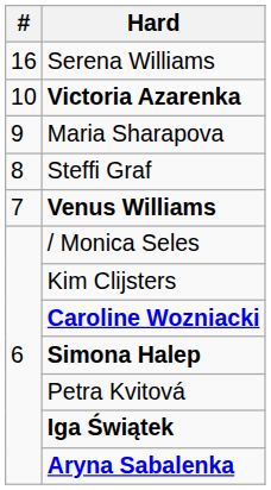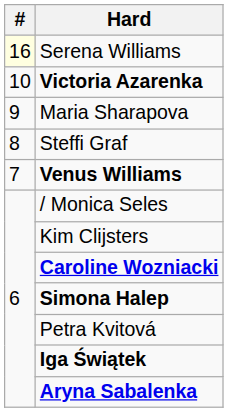 <table class="wikitable">
 <tr>
 <th>#</th>
 <th>Hard</th>
 </tr>
 <tr>
-<td>16</td>
+<td style="background: lightyellow;">16</td>
 <td> Serena Williams</td>
 </tr>
 <tr>
 <td>10</td>
 <td> <strong> Victoria Azarenka </strong></td>
 </tr>
 <tr>
 <td>9</td>
 <td> Maria Sharapova</td>
 </tr>
 <tr>
 <td>8</td>
 <td> Steffi Graf</td>
 </tr>
 <tr>
 <td>7</td>
 <td> <strong>Venus Williams</strong></td>
 </tr>
 <tr>
 <td rowspan=7>6</td>
 <td>/ Monica Seles</td>
 </tr>
 <tr>
 <td> Kim Clijsters</td>
 </tr>
 <tr>
 <td> <strong><a href='#'>Caroline Wozniacki</a></strong></td>
 </tr>
 <tr>
 <td> <strong>Simona Halep</strong></td>
 </tr>
 <tr>
 <td> Petra Kvitová</td>
 </tr>
 <tr>
 <td> <strong>Iga Świątek</strong></td>
 </tr>
 <tr>
 <td> <strong><a href='#'>Aryna Sabalenka</a></strong></td>
 </tr>
 </table>
